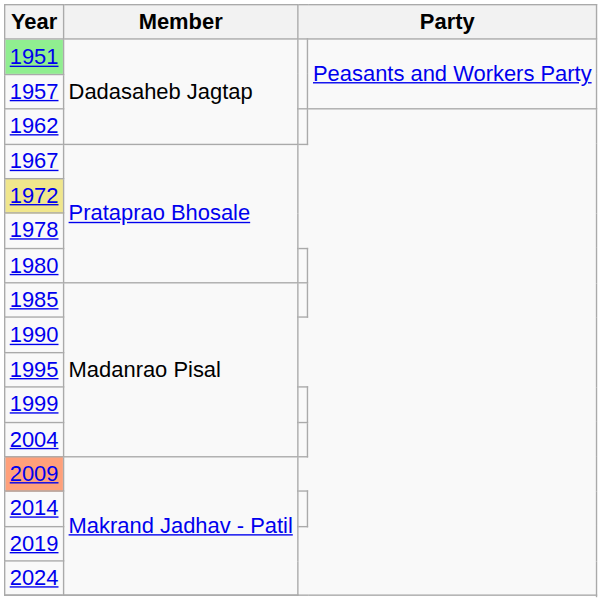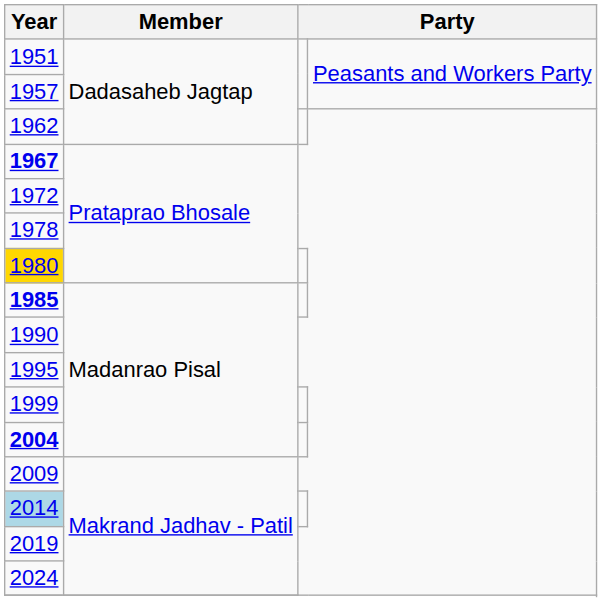 <table class="wikitable">
 <tr>
 <th>Year</th>
 <th>Member</th>
 <th colspan="2">Party</th>
 </tr>
 <tr>
-<td style="background: lightgreen;"><a href='#'>1951</a></td>
+<td><a href='#'>1951</a></td>
 <td rowspan="3">Dadasaheb Jagtap</td>
 <td rowspan="2" style="background-color: "></td>
 <td rowspan="2"><a href='#'>Peasants and Workers Party</a></td>
 </tr>
 <tr>
 <td><a href='#'>1957</a></td>
 </tr>
 <tr>
 <td><a href='#'>1962</a></td>
 <td></td>
 </tr>
 <tr>
-<td><a href='#'>1967</a></td>
+<td><strong><a href='#'>1967</a></strong></td>
 <td rowspan=4><a href='#'>Prataprao Bhosale</a></td>
 </tr>
 <tr>
-<td style="background: khaki;"><a href='#'>1972</a></td>
+<td><a href='#'>1972</a></td>
 </tr>
 <tr>
 <td><a href='#'>1978</a></td>
 </tr>
 <tr>
-<td><a href='#'>1980</a></td>
+<td style="background: gold;"><a href='#'>1980</a></td>
 <td></td>
 </tr>
 <tr>
-<td><a href='#'>1985</a></td>
+<td><strong><a href='#'>1985</a></strong></td>
 <td rowspan=5>Madanrao Pisal</td>
 <td></td>
 </tr>
 <tr>
 <td><a href='#'>1990</a></td>
 </tr>
 <tr>
 <td><a href='#'>1995</a></td>
 </tr>
 <tr>
 <td><a href='#'>1999</a></td>
 <td></td>
 </tr>
 <tr>
-<td><a href='#'>2004</a></td>
+<td><strong><a href='#'>2004</a></strong></td>
 <td></td>
 </tr>
 <tr>
-<td style="background: lightsalmon;"><a href='#'>2009</a></td>
+<td><a href='#'>2009</a></td>
 <td rowspan=4><a href='#'>Makrand Jadhav - Patil</a></td>
 </tr>
 <tr>
-<td><a href='#'>2014</a></td>
+<td style="background: lightblue;"><a href='#'>2014</a></td>
 <td></td>
 </tr>
 <tr>
 <td><a href='#'>2019</a></td>
 </tr>
 <tr>
 <td><a href='#'>2024</a></td>
 </tr>
 <tr>
 </tr>
 </table>
